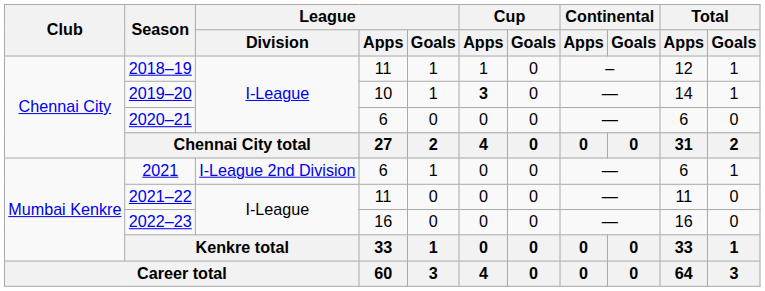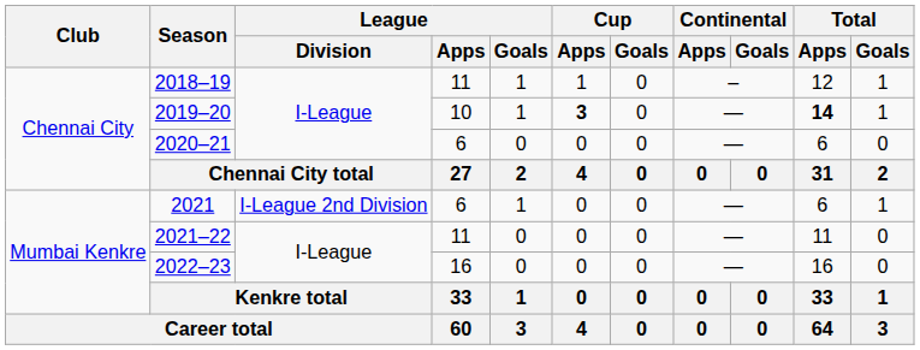 <table class="wikitable" style="text-align: center;">
 <tr>
 <th rowspan="2">Club</th>
 <th rowspan="2">Season</th>
 <th colspan="3">League</th>
 <th colspan="2">Cup</th>
 <th colspan="2">Continental</th>
 <th colspan="2">Total</th>
 </tr>
 <tr>
 <th>Division</th>
 <th>Apps</th>
 <th>Goals</th>
 <th>Apps</th>
 <th>Goals</th>
 <th>Apps</th>
 <th>Goals</th>
 <th>Apps</th>
 <th>Goals</th>
 </tr>
 <tr>
 <td rowspan="4"><a href='#'>Chennai City</a></td>
 <td><a href='#'>2018–19</a></td>
 <td rowspan="3"><a href='#'>I-League</a></td>
 <td>11</td>
 <td>1</td>
 <td>1</td>
 <td>0</td>
 <td colspan="2">–</td>
 <td>12</td>
 <td>1</td>
 </tr>
 <tr>
 <td><a href='#'>2019–20</a></td>
 <td>10</td>
 <td>1</td>
 <td><strong>3</strong></td>
 <td>0</td>
 <td colspan="2">—</td>
-<td>14</td>
+<td><strong>14</strong></td>
 <td>1</td>
 </tr>
 <tr>
 <td><a href='#'>2020–21</a></td>
 <td>6</td>
 <td>0</td>
 <td>0</td>
 <td>0</td>
 <td colspan="2">—</td>
 <td>6</td>
 <td>0</td>
 </tr>
 <tr>
 <th colspan="2">Chennai City total</th>
 <th>27</th>
 <th>2</th>
 <th>4</th>
 <th>0</th>
 <th>0</th>
 <th>0</th>
 <th>31</th>
 <th>2</th>
 </tr>
 <tr>
 <td rowspan="4"><a href='#'>Mumbai Kenkre</a></td>
 <td><a href='#'>2021</a></td>
 <td rowspan="1"><a href='#'>I-League 2nd Division</a></td>
 <td>6</td>
 <td>1</td>
 <td>0</td>
 <td>0</td>
 <td colspan="2">—</td>
 <td>6</td>
 <td>1</td>
 </tr>
 <tr>
 <td><a href='#'>2021–22</a></td>
 <td rowspan="2">I-League</td>
 <td>11</td>
 <td>0</td>
 <td>0</td>
 <td>0</td>
 <td colspan="2">—</td>
 <td>11</td>
 <td>0</td>
 </tr>
 <tr>
 <td><a href='#'>2022–23</a></td>
 <td>16</td>
 <td>0</td>
 <td>0</td>
 <td>0</td>
 <td colspan="2">—</td>
 <td>16</td>
 <td>0</td>
 </tr>
 <tr>
 <th colspan="2">Kenkre total</th>
 <th>33</th>
 <th>1</th>
 <th>0</th>
 <th>0</th>
 <th>0</th>
 <th>0</th>
 <th>33</th>
 <th>1</th>
 </tr>
 <tr>
 <th colspan="3">Career total</th>
 <th>60</th>
 <th>3</th>
 <th>4</th>
 <th>0</th>
 <th>0</th>
 <th>0</th>
 <th>64</th>
 <th>3</th>
 </tr>
 </table>
